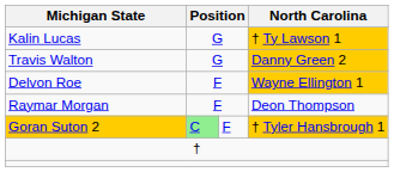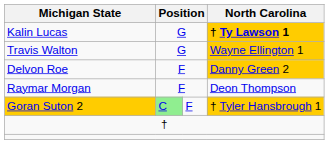 <table class="wikitable">
 <tr>
 <th style="width:200px;">Michigan State</th>
 <th colspan="2">Position</th>
 <th>North Carolina</th>
 </tr>
 <tr>
 <td><a href='#'>Kalin Lucas</a></td>
 <td colspan="2" style="text-align:center"><a href='#'>G</a></td>
-<td style="background:#FFCC00">† <a href='#'>Ty Lawson</a> 1</td>
+<td style="background:#FFCC00"><strong>† <a href='#'>Ty Lawson</a> 1</strong></td>
 </tr>
 <tr>
 <td><a href='#'>Travis Walton</a></td>
 <td colspan="2" style="text-align:center"><a href='#'>G</a></td>
-<td style="background:#FFCC00"><a href='#'>Danny Green</a> 2</td>
+<td style="background:#FFCC00"><a href='#'>Wayne Ellington</a> 1</td>
 </tr>
 <tr>
 <td><a href='#'>Delvon Roe</a></td>
 <td colspan="2" style="text-align:center"><a href='#'>F</a></td>
-<td style="background:#FFCC00"><a href='#'>Wayne Ellington</a> 1</td>
+<td style="background:#FFCC00"><a href='#'>Danny Green</a> 2</td>
 </tr>
 <tr>
 <td><a href='#'>Raymar Morgan</a></td>
 <td colspan="2" style="text-align:center"><a href='#'>F</a></td>
 <td><a href='#'>Deon Thompson</a></td>
 </tr>
 <tr>
 <td style="background:#FFCC00"><a href='#'>Goran Suton</a> 2</td>
 <td style="background: lightgreen;"><a href='#'>C</a></td>
 <td><a href='#'>F</a></td>
 <td style="background:#FFCC00">† <a href='#'>Tyler Hansbrough</a> 1</td>
 </tr>
 <tr>
 <td colspan="5" align=center>† </td>
 </tr>
 <tr>
 <td colspan="5" align=center></td>
 </tr>
 </table>
